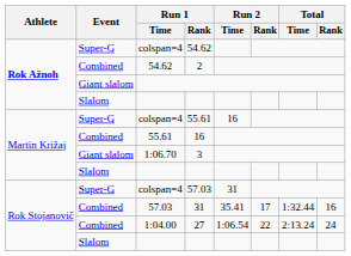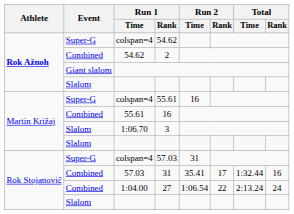 <table class="wikitable" style="font-size:90%">
 <tr>
 <th rowspan=2>Athlete</th>
 <th rowspan=2>Event</th>
 <th colspan=2>Run 1</th>
 <th colspan=2>Run 2</th>
 <th colspan=2>Total</th>
 </tr>
 <tr style="font-size:95%">
 <th>Time</th>
 <th>Rank</th>
 <th>Time</th>
 <th>Rank</th>
 <th>Time</th>
 <th>Rank</th>
 </tr>
 <tr align=center>
 <td align="left" rowspan="4"><strong><a href='#'>Rok Ažnoh</a></strong></td>
 <td align="left"><a href='#'>Super-G</a></td>
 <td>colspan=4</td>
 <td>54.62</td>
 <td><strong></strong></td>
 </tr>
 <tr align=center>
 <td align="left"><a href='#'>Combined</a></td>
 <td>54.62</td>
 <td>2</td>
 <td colspan=4></td>
 </tr>
 <tr align=center>
 <td align="left"><a href='#'>Giant slalom</a></td>
 <td colspan=6></td>
 </tr>
 <tr align=center>
 <td align="left"><a href='#'>Slalom</a></td>
 <td></td>
 <td></td>
 <td></td>
 <td></td>
 <td></td>
 <td></td>
 </tr>
 <tr align=center>
 <td align="left" rowspan="4"><a href='#'>Martin Križaj</a></td>
 <td align="left"><a href='#'>Super-G</a></td>
 <td>colspan=4</td>
 <td>55.61</td>
 <td>16</td>
 </tr>
 <tr align=center>
 <td align="left"><a href='#'>Combined</a></td>
 <td>55.61</td>
 <td>16</td>
 <td colspan=4></td>
 </tr>
 <tr align=center>
-<td align="left"><a href='#'>Giant slalom</a></td>
+<td align="left"><a href='#'>Slalom</a></td>
 <td>1:06.70</td>
 <td>3</td>
 <td colspan=4></td>
 </tr>
 <tr align=center>
 <td align="left"><a href='#'>Slalom</a></td>
 <td></td>
 <td></td>
 <td></td>
 <td></td>
 <td></td>
 <td></td>
 </tr>
 <tr align=center>
 <td align="left" rowspan="4"><a href='#'>Rok Stojanovič</a></td>
 <td align="left"><a href='#'>Super-G</a></td>
 <td>colspan=4</td>
 <td>57.03</td>
 <td>31</td>
 </tr>
 <tr align=center>
 <td align="left"><a href='#'>Combined</a></td>
 <td>57.03</td>
 <td>31</td>
 <td>35.41</td>
 <td>17</td>
 <td>1:32.44</td>
 <td>16</td>
 </tr>
 <tr align=center>
 <td align="left"><a href='#'>Combined</a></td>
 <td>1:04.00</td>
 <td>27</td>
 <td>1:06.54</td>
 <td>22</td>
 <td>2:13.24</td>
 <td>24</td>
 </tr>
 <tr align=center>
 <td align="left"><a href='#'>Slalom</a></td>
 <td></td>
 <td></td>
 <td></td>
 <td></td>
 <td></td>
 <td></td>
 </tr>
 </table>
